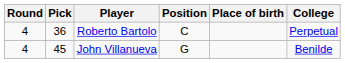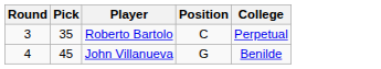 <table class="wikitable sortable sortable" style="text-align:center">
 <tr>
 <th>Round</th>
 <th>Pick</th>
 <th>Player</th>
 <th>Position</th>
-<th>Place of birth</th>
 <th>College</th>
 </tr>
 <tr>
-<td>4</td>
-<td>36</td>
+<td>3</td>
+<td>35</td>
 <td><a href='#'>Roberto Bartolo</a></td>
 <td>C</td>
-<td></td>
 <td><a href='#'>Perpetual</a></td>
 </tr>
 <tr>
 <td>4</td>
 <td>45</td>
 <td><a href='#'>John Villanueva</a></td>
 <td>G</td>
-<td></td>
 <td><a href='#'>Benilde</a></td>
 </tr>
 </table>
